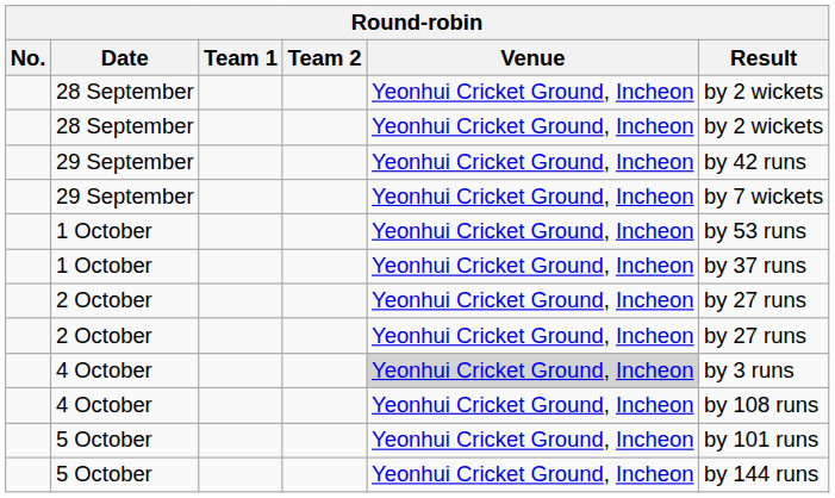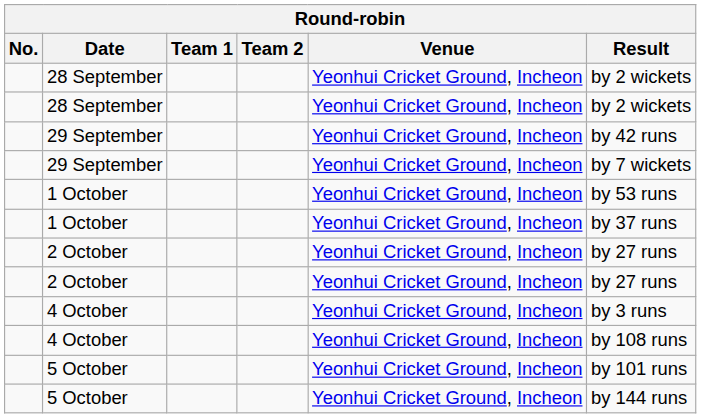 <table class="wikitable">
 <tr>
 <th colspan="6">Round-robin</th>
 </tr>
 <tr>
 <th>No.</th>
 <th>Date</th>
 <th>Team 1</th>
 <th>Team 2</th>
 <th>Venue</th>
 <th>Result</th>
 </tr>
 <tr>
 <td></td>
 <td>28 September</td>
 <td></td>
 <td></td>
 <td><a href='#'>Yeonhui Cricket Ground</a>, <a href='#'>Incheon</a></td>
 <td> by 2 wickets</td>
 </tr>
 <tr>
 <td></td>
 <td>28 September</td>
 <td></td>
 <td></td>
 <td><a href='#'>Yeonhui Cricket Ground</a>, <a href='#'>Incheon</a></td>
 <td> by 2 wickets</td>
 </tr>
 <tr>
 <td></td>
 <td>29 September</td>
 <td></td>
 <td></td>
 <td><a href='#'>Yeonhui Cricket Ground</a>, <a href='#'>Incheon</a></td>
 <td> by 42 runs</td>
 </tr>
 <tr>
 <td></td>
 <td>29 September</td>
 <td></td>
 <td></td>
 <td><a href='#'>Yeonhui Cricket Ground</a>, <a href='#'>Incheon</a></td>
 <td> by 7 wickets</td>
 </tr>
 <tr>
 <td></td>
 <td>1 October</td>
 <td></td>
 <td></td>
 <td><a href='#'>Yeonhui Cricket Ground</a>, <a href='#'>Incheon</a></td>
 <td> by 53 runs</td>
 </tr>
 <tr>
 <td></td>
 <td>1 October</td>
 <td></td>
 <td></td>
 <td><a href='#'>Yeonhui Cricket Ground</a>, <a href='#'>Incheon</a></td>
 <td> by 37 runs</td>
 </tr>
 <tr>
 <td></td>
 <td>2 October</td>
 <td></td>
 <td></td>
 <td><a href='#'>Yeonhui Cricket Ground</a>, <a href='#'>Incheon</a></td>
 <td> by 27 runs</td>
 </tr>
 <tr>
 <td></td>
 <td>2 October</td>
 <td></td>
 <td></td>
 <td><a href='#'>Yeonhui Cricket Ground</a>, <a href='#'>Incheon</a></td>
 <td> by 27 runs</td>
 </tr>
 <tr>
 <td></td>
 <td>4 October</td>
 <td></td>
 <td></td>
-<td style="background: lightgrey;"><a href='#'>Yeonhui Cricket Ground</a>, <a href='#'>Incheon</a></td>
+<td><a href='#'>Yeonhui Cricket Ground</a>, <a href='#'>Incheon</a></td>
 <td> by 3 runs</td>
 </tr>
 <tr>
 <td></td>
 <td>4 October</td>
 <td></td>
 <td></td>
 <td><a href='#'>Yeonhui Cricket Ground</a>, <a href='#'>Incheon</a></td>
 <td> by 108 runs</td>
 </tr>
 <tr>
 <td></td>
 <td>5 October</td>
 <td></td>
 <td></td>
 <td><a href='#'>Yeonhui Cricket Ground</a>, <a href='#'>Incheon</a></td>
 <td> by 101 runs</td>
 </tr>
 <tr>
 <td></td>
 <td>5 October</td>
 <td></td>
 <td></td>
 <td><a href='#'>Yeonhui Cricket Ground</a>, <a href='#'>Incheon</a></td>
 <td> by 144 runs</td>
 </tr>
 </table>
